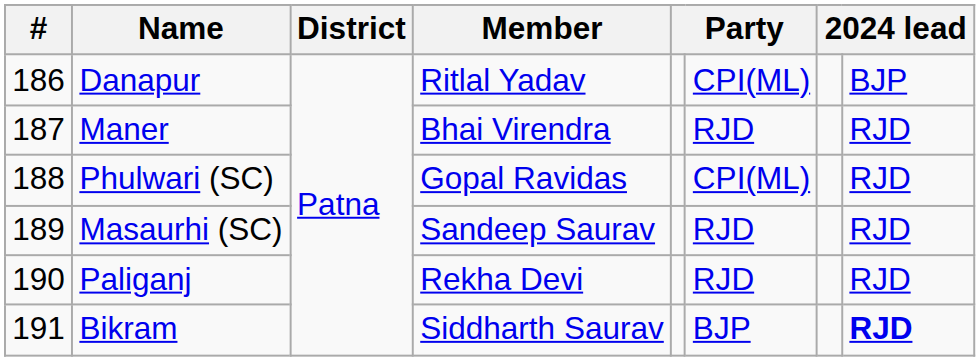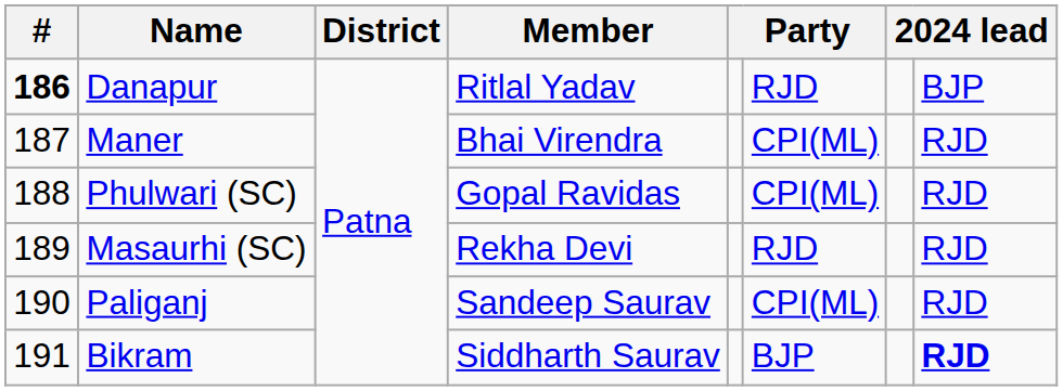 <table class="wikitable">
 <tr>
 <th>#</th>
 <th>Name</th>
 <th>District</th>
 <th>Member</th>
 <th colspan="2">Party</th>
 <th colspan="2">2024 lead</th>
 </tr>
 <tr>
-<td>186</td>
+<td><strong>186</strong></td>
 <td><a href='#'>Danapur</a></td>
 <td rowspan="6"><a href='#'>Patna</a></td>
 <td><a href='#'>Ritlal Yadav</a></td>
 <td style="background-color: "></td>
-<td><a href='#'>CPI(ML)</a></td>
+<td><a href='#'>RJD</a></td>
 <td style="background-color: "></td>
 <td><a href='#'>BJP</a></td>
 </tr>
 <tr>
 <td>187</td>
 <td><a href='#'>Maner</a></td>
 <td><a href='#'>Bhai Virendra</a></td>
 <td style="background-color: "></td>
-<td><a href='#'>RJD</a></td>
+<td><a href='#'>CPI(ML)</a></td>
 <td style="background-color: "></td>
 <td><a href='#'>RJD</a></td>
 </tr>
 <tr>
 <td>188</td>
 <td><a href='#'>Phulwari</a> (SC)</td>
 <td><a href='#'>Gopal Ravidas</a></td>
 <td style=background-color:></td>
 <td><a href='#'>CPI(ML)</a></td>
 <td style="background-color: "></td>
 <td><a href='#'>RJD</a></td>
 </tr>
 <tr>
 <td>189</td>
 <td><a href='#'>Masaurhi</a> (SC)</td>
-<td><a href='#'>Sandeep Saurav</a></td>
+<td><a href='#'>Rekha Devi</a></td>
 <td style="background-color: "></td>
 <td><a href='#'>RJD</a></td>
 <td style="background-color: "></td>
 <td><a href='#'>RJD</a></td>
 </tr>
 <tr>
 <td>190</td>
 <td><a href='#'>Paliganj</a></td>
-<td><a href='#'>Rekha Devi</a></td>
+<td><a href='#'>Sandeep Saurav</a></td>
 <td style=background-color:></td>
-<td><a href='#'>RJD</a></td>
+<td><a href='#'>CPI(ML)</a></td>
 <td style="background-color: "></td>
 <td><a href='#'>RJD</a></td>
 </tr>
 <tr>
 <td>191</td>
 <td><a href='#'>Bikram</a></td>
 <td><a href='#'>Siddharth Saurav</a></td>
 <td style="background-color: "></td>
 <td><a href='#'>BJP</a></td>
 <td style="background-color: "></td>
 <td><strong><a href='#'>RJD</a></strong></td>
 </tr>
 </table>
